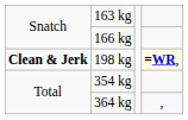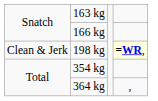 <table class = "wikitable" style="text-align:center;">
 <tr>
 <td rowspan=2>Snatch</td>
 <td>163 kg</td>
 <td rowspan=6 align=left></td>
 <td></td>
 </tr>
 <tr>
 <td>166 kg</td>
 <td></td>
 </tr>
 <tr>
-<td><strong>Clean & Jerk</strong></td>
+<td>Clean & Jerk</td>
 <td>198 kg</td>
 <td style="background: lightyellow;"><strong>=<a href='#'>WR</a></strong>, </td>
 </tr>
 <tr>
 <td rowspan=2>Total</td>
 <td>354 kg</td>
 <td></td>
 </tr>
 <tr>
 <td>364 kg</td>
 <td>, </td>
 </tr>
 </table>
